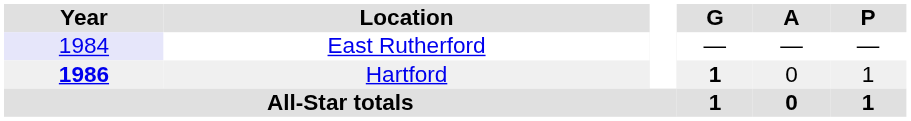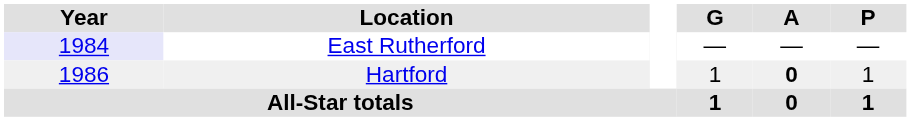 <table border="0" cellpadding="1" cellspacing="0" style="text-align:center; width:40em">
 <tr ALIGN="center" bgcolor="#e0e0e0">
 <th>Year</th>
 <th>Location</th>
 <th rowspan="99" bgcolor="#ffffff"> </th>
 <th>G</th>
 <th>A</th>
 <th>P</th>
 </tr>
 <tr>
 <td style="background: lavender;"><a href='#'>1984</a></td>
 <td><a href='#'>East Rutherford</a></td>
 <td>—</td>
 <td>—</td>
 <td>—</td>
 </tr>
 <tr bgcolor="#f0f0f0">
-<td><strong><a href='#'>1986</a></strong></td>
+<td><a href='#'>1986</a></td>
 <td><a href='#'>Hartford</a></td>
-<td><strong>1</strong></td>
-<td>0</td>
+<td>1</td>
+<td><strong>0</strong></td>
 <td>1</td>
 </tr>
 <tr bgcolor="#e0e0e0">
 <th colspan=3>All-Star totals</th>
 <th>1</th>
 <th>0</th>
 <th>1</th>
 </tr>
 </table>
